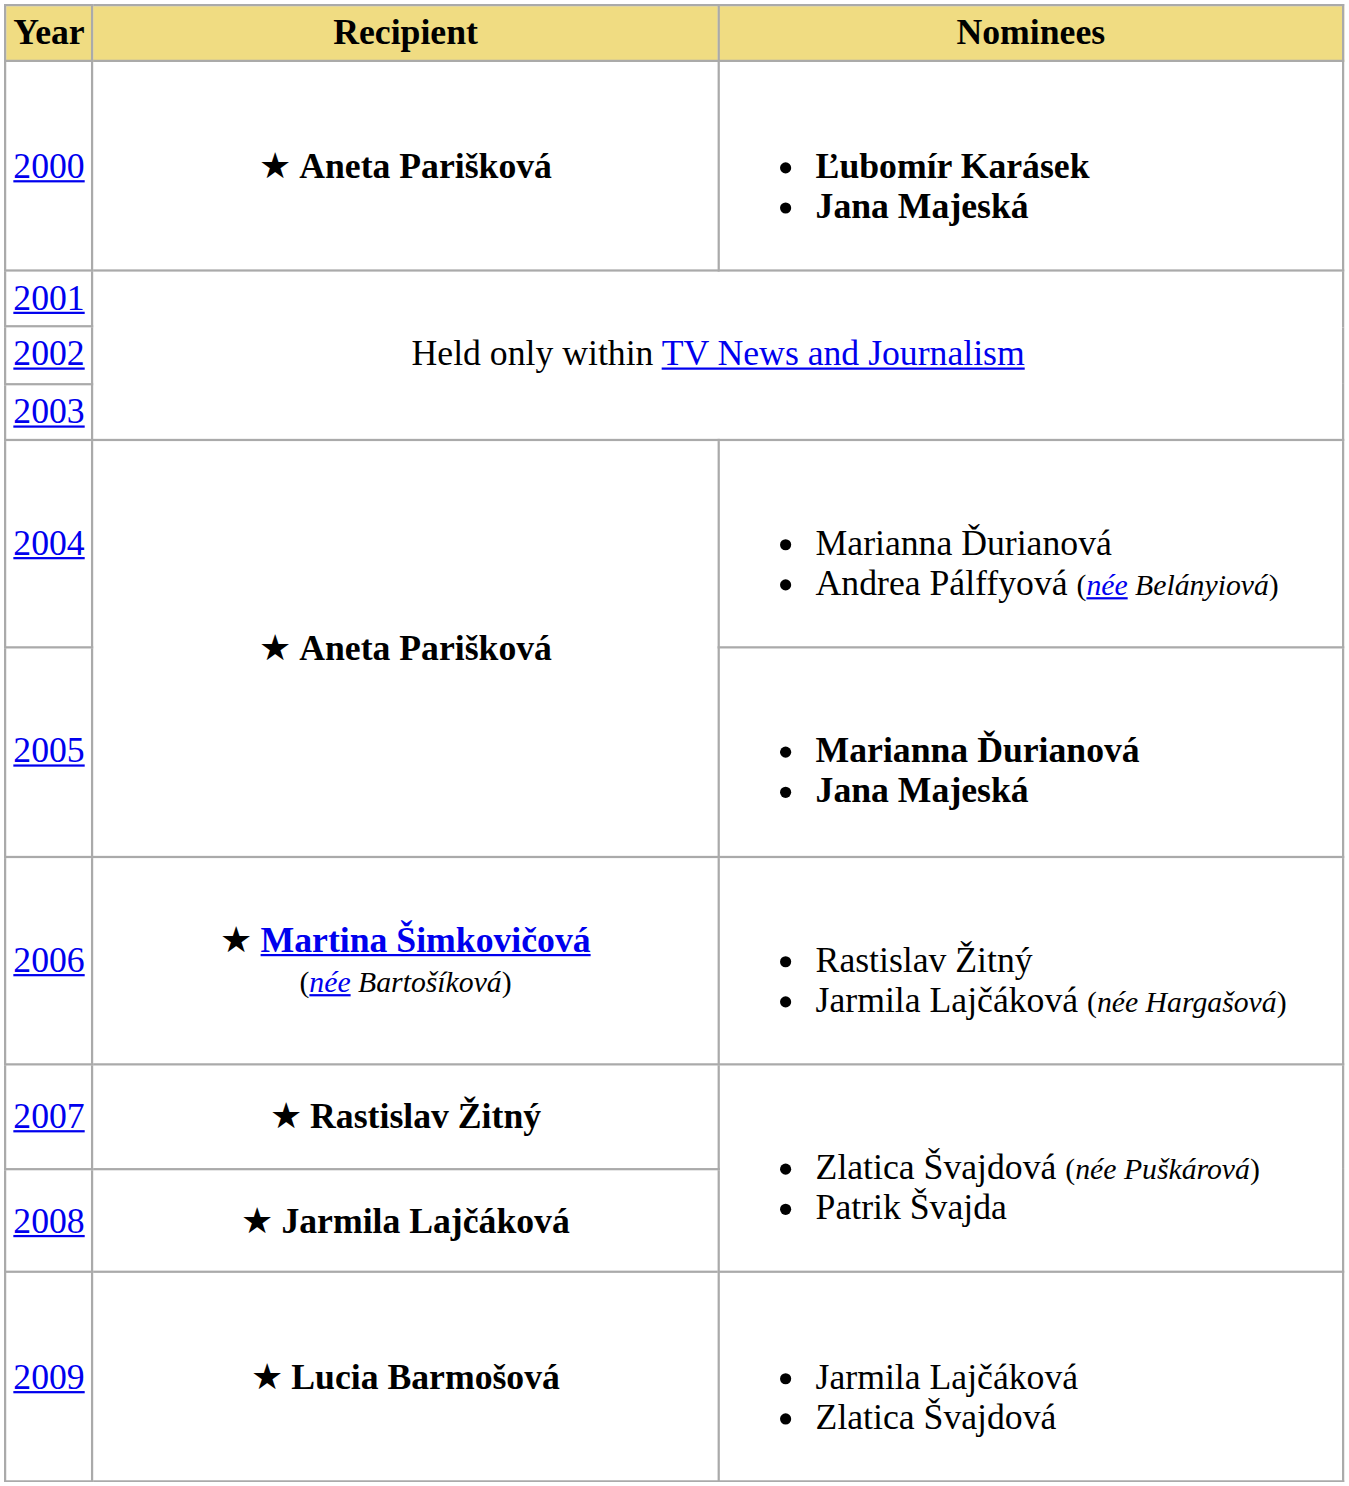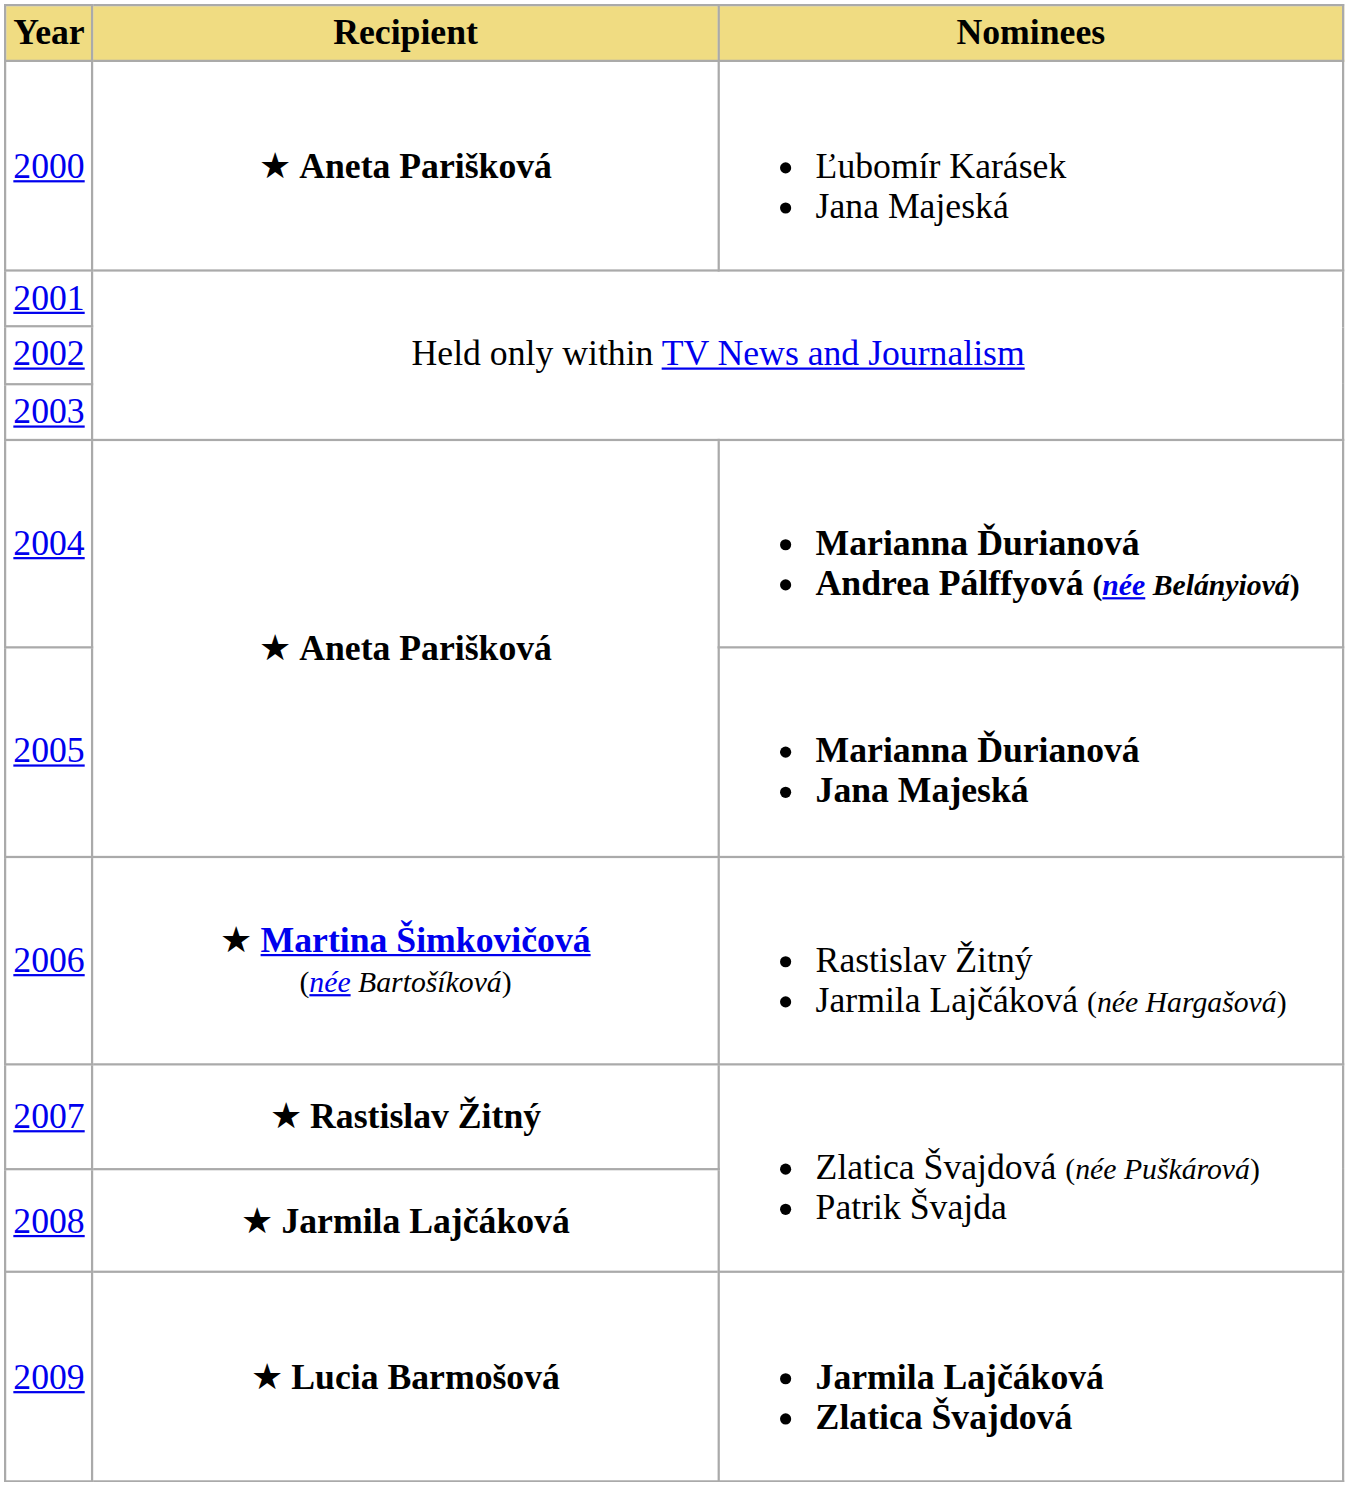 <table class=wikitable sortable style="background:white">
 <tr>
 <th style=background:#F0DC82>Year</th>
 <th style=background:#F0DC82 width=273>Recipient</th>
 <th style=background:#F0DC82 width=273>Nominees</th>
 </tr>
 <tr>
 <td><a href='#'>2000</a></td>
 <td align=center>★ <strong>Aneta Parišková</strong></td>
-<td><strong><br><ul><li>Ľubomír Karásek</li><li>Jana Majeská</li></ul></strong></td>
+<td><br><ul><li>Ľubomír Karásek</li><li>Jana Majeská</li></ul></td>
 </tr>
 <tr>
 <td><a href='#'>2001</a></td>
 <td rowspan=3 colspan=2 align=center>Held only within <a href='#'>TV News and Journalism</a></td>
 </tr>
 <tr>
 <td><a href='#'>2002</a></td>
 </tr>
 <tr>
 <td><a href='#'>2003</a></td>
 </tr>
 <tr>
 <td><a href='#'>2004</a></td>
 <td rowspan=2 align=center>★ <strong>Aneta Parišková</strong> <br></td>
-<td><br><ul><li>Marianna Ďurianová</li><li>Andrea Pálffyová <small>(<em><a href='#'>née</a> Belányiová</em>)</small></li></ul></td>
+<td><strong><br><ul><li>Marianna Ďurianová</li><li>Andrea Pálffyová <small>(<em><a href='#'>née</a> Belányiová</em>)</small></li></ul></strong></td>
 </tr>
 <tr>
 <td><a href='#'>2005</a></td>
 <td><strong><br><ul><li>Marianna Ďurianová</li><li>Jana Majeská</li></ul></strong></td>
 </tr>
 <tr>
 <td><a href='#'>2006</a></td>
 <td align=center>★ <strong><a href='#'>Martina Šimkovičová</a></strong> <br><small>(<em><a href='#'>née</a> Bartošíková</em>)</small></td>
 <td><br><ul><li>Rastislav Žitný</li><li>Jarmila Lajčáková <small>(<em>née Hargašová</em>)</small></li></ul></td>
 </tr>
 <tr>
 <td><a href='#'>2007</a></td>
 <td align=center>★ <strong>Rastislav Žitný</strong></td>
 <td rowspan=2><br><ul><li>Zlatica Švajdová <small>(<em>née Puškárová</em>)</small></li><li>Patrik Švajda</li></ul></td>
 </tr>
 <tr>
 <td><a href='#'>2008</a></td>
 <td align=center>★ <strong>Jarmila Lajčáková</strong></td>
 </tr>
 <tr>
 <td><a href='#'>2009</a></td>
 <td align=center>★ <strong>Lucia Barmošová</strong> <br></td>
-<td><br><ul><li>Jarmila Lajčáková</li><li>Zlatica Švajdová</li></ul></td>
+<td><strong><br><ul><li>Jarmila Lajčáková</li><li>Zlatica Švajdová</li></ul></strong></td>
 </tr>
 </table>
